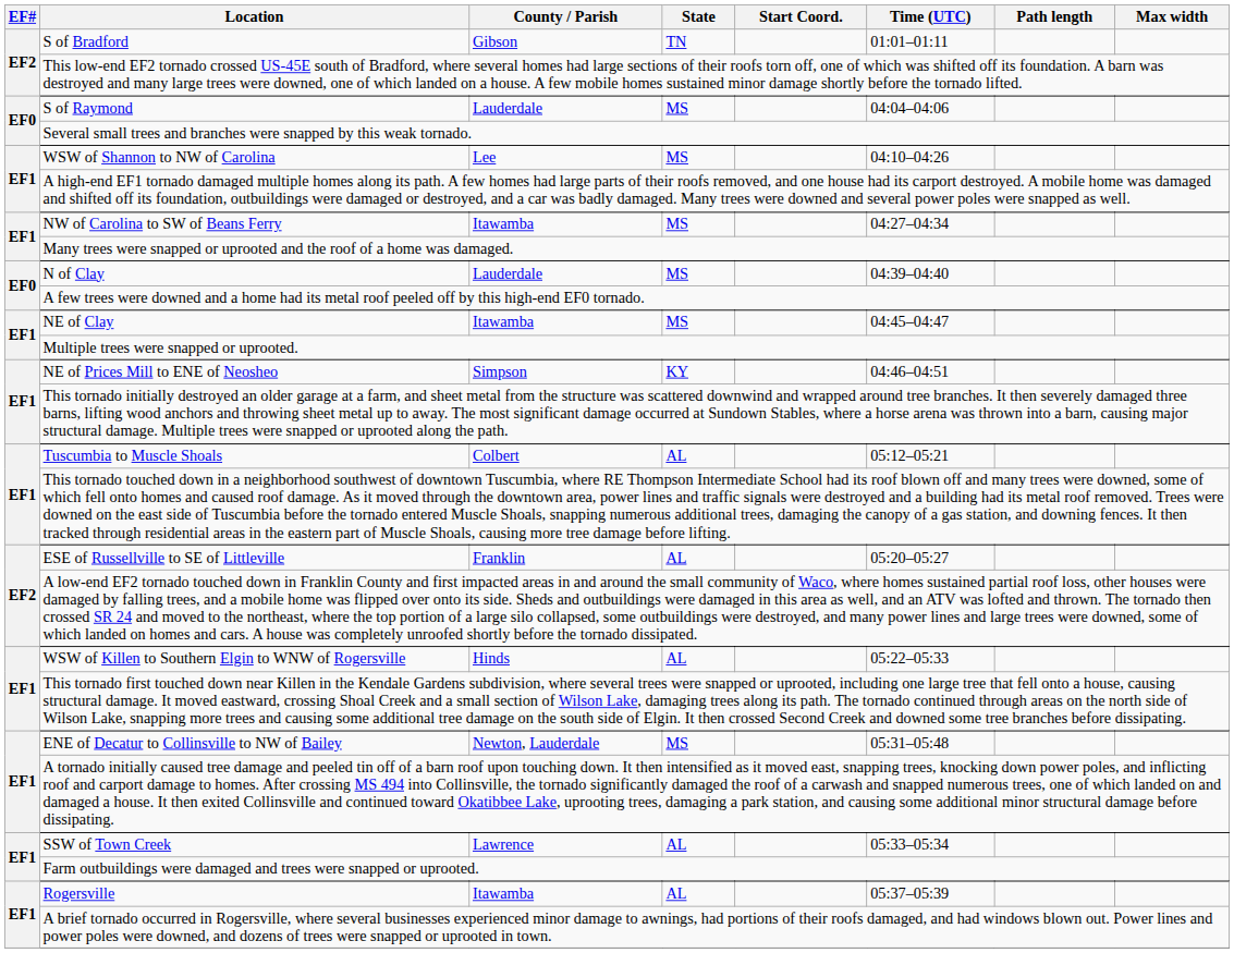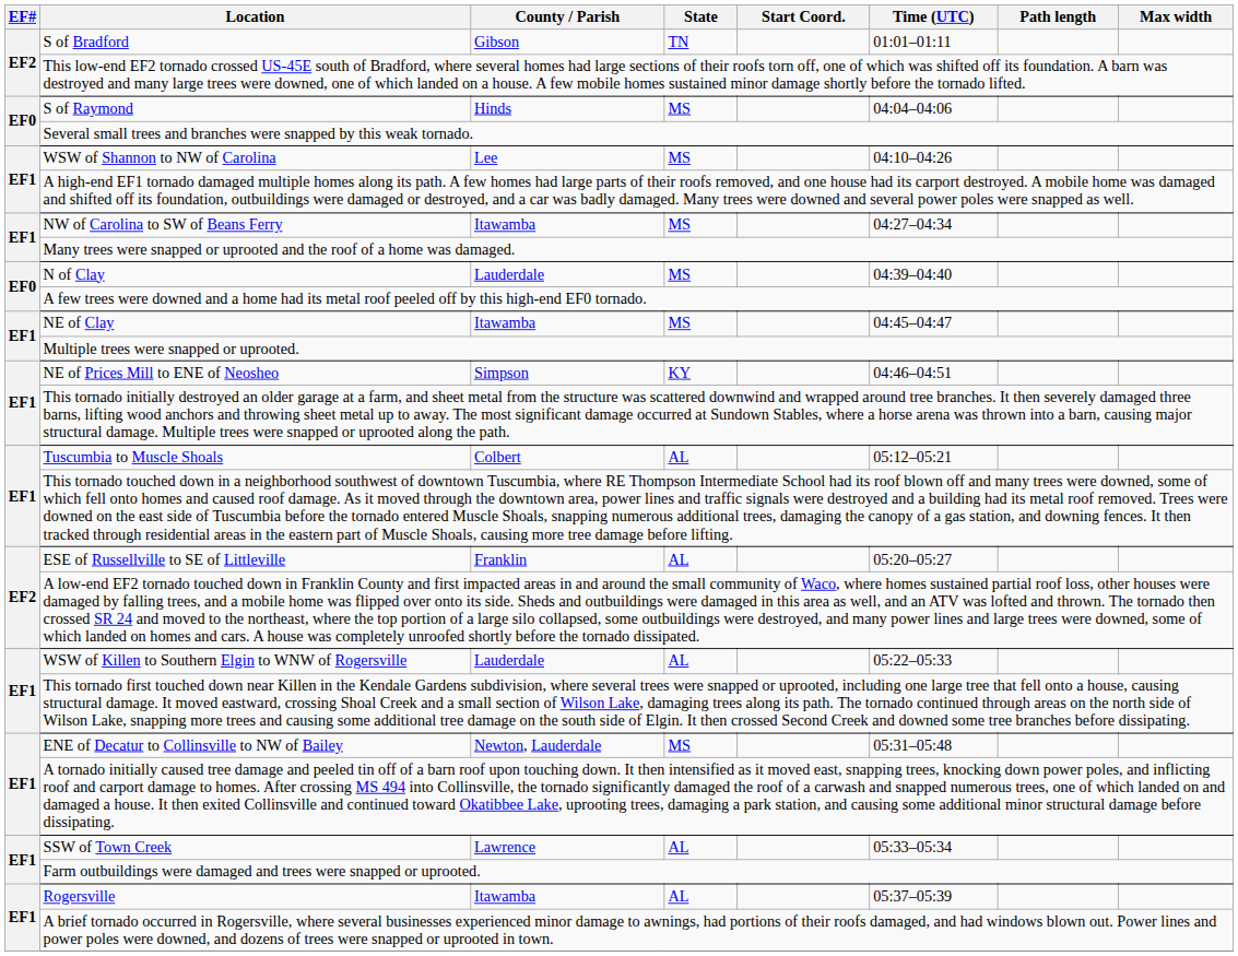 <table class="wikitable sortable" style="width:100%;">
 <tr>
 <th scope="col" width="2%" align="center"><a href='#'>EF#</a></th>
 <th scope="col" align="center" class="unsortable">Location</th>
 <th scope="col" align="center" class="unsortable">County / Parish</th>
 <th scope="col" align="center">State</th>
 <th scope="col" align="center">Start Coord.</th>
 <th scope="col" align="center">Time (<a href='#'>UTC</a>)</th>
 <th scope="col" align="center">Path length</th>
 <th scope="col" align="center">Max width</th>
 </tr>
 <tr>
 <th scope="row" rowspan="2" style="background-color:#">EF2</th>
 <td>S of <a href='#'>Bradford</a></td>
 <td><a href='#'>Gibson</a></td>
 <td><a href='#'>TN</a></td>
 <td></td>
 <td>01:01–01:11</td>
 <td></td>
 <td></td>
 </tr>
 <tr class="expand-child">
 <td colspan="8" style=" border-bottom: 1px solid black;">This low-end EF2 tornado crossed <a href='#'>US-45E</a> south of Bradford, where several homes had large sections of their roofs torn off, one of which was shifted off its foundation. A barn was destroyed and many large trees were downed, one of which landed on a house. A few mobile homes sustained minor damage shortly before the tornado lifted.</td>
 </tr>
 <tr>
 <th scope="row" rowspan="2" style="background-color:#">EF0</th>
 <td>S of <a href='#'>Raymond</a></td>
-<td><a href='#'>Lauderdale</a></td>
+<td><a href='#'>Hinds</a></td>
 <td><a href='#'>MS</a></td>
 <td></td>
 <td>04:04–04:06</td>
 <td></td>
 <td></td>
 </tr>
 <tr class="expand-child">
 <td colspan="8" style=" border-bottom: 1px solid black;">Several small trees and branches were snapped by this weak tornado.</td>
 </tr>
 <tr>
 <th scope="row" rowspan="2" style="background-color:#">EF1</th>
 <td>WSW of <a href='#'>Shannon</a> to NW of <a href='#'>Carolina</a></td>
 <td><a href='#'>Lee</a></td>
 <td><a href='#'>MS</a></td>
 <td></td>
 <td>04:10–04:26</td>
 <td></td>
 <td></td>
 </tr>
 <tr class="expand-child">
 <td colspan="8" style=" border-bottom: 1px solid black;">A high-end EF1 tornado damaged multiple homes along its path. A few homes had large parts of their roofs removed, and one house had its carport destroyed. A mobile home was damaged and shifted off its foundation, outbuildings were damaged or destroyed, and a car was badly damaged. Many trees were downed and several power poles were snapped as well.</td>
 </tr>
 <tr>
 <th scope="row" rowspan="2" style="background-color:#">EF1</th>
 <td>NW of <a href='#'>Carolina</a> to SW of <a href='#'>Beans Ferry</a></td>
 <td><a href='#'>Itawamba</a></td>
 <td><a href='#'>MS</a></td>
 <td></td>
 <td>04:27–04:34</td>
 <td></td>
 <td></td>
 </tr>
 <tr class="expand-child">
 <td colspan="8" style=" border-bottom: 1px solid black;">Many trees were snapped or uprooted and the roof of a home was damaged.</td>
 </tr>
 <tr>
 <th scope="row" rowspan="2" style="background-color:#">EF0</th>
 <td>N of <a href='#'>Clay</a></td>
 <td><a href='#'>Lauderdale</a></td>
 <td><a href='#'>MS</a></td>
 <td></td>
 <td>04:39–04:40</td>
 <td></td>
 <td></td>
 </tr>
 <tr class="expand-child">
 <td colspan="8" style=" border-bottom: 1px solid black;">A few trees were downed and a home had its metal roof peeled off by this high-end EF0 tornado.</td>
 </tr>
 <tr>
 <th scope="row" rowspan="2" style="background-color:#">EF1</th>
 <td>NE of <a href='#'>Clay</a></td>
 <td><a href='#'>Itawamba</a></td>
 <td><a href='#'>MS</a></td>
 <td></td>
 <td>04:45–04:47</td>
 <td></td>
 <td></td>
 </tr>
 <tr class="expand-child">
 <td colspan="8" style=" border-bottom: 1px solid black;">Multiple trees were snapped or uprooted.</td>
 </tr>
 <tr>
 <th scope="row" rowspan="2" style="background-color:#">EF1</th>
 <td>NE of <a href='#'>Prices Mill</a> to ENE of <a href='#'>Neosheo</a></td>
 <td><a href='#'>Simpson</a></td>
 <td><a href='#'>KY</a></td>
 <td></td>
 <td>04:46–04:51</td>
 <td></td>
 <td></td>
 </tr>
 <tr class="expand-child">
 <td colspan="8" style=" border-bottom: 1px solid black;">This tornado initially destroyed an older garage at a farm, and sheet metal from the structure was scattered downwind and wrapped around tree branches. It then severely damaged three barns, lifting wood anchors and throwing sheet metal up to  away. The most significant damage occurred at Sundown Stables, where a horse arena was thrown into a barn, causing major structural damage. Multiple trees were snapped or uprooted along the path.</td>
 </tr>
 <tr>
 <th scope="row" rowspan="2" style="background-color:#">EF1</th>
 <td><a href='#'>Tuscumbia</a> to <a href='#'>Muscle Shoals</a></td>
 <td><a href='#'>Colbert</a></td>
 <td><a href='#'>AL</a></td>
 <td></td>
 <td>05:12–05:21</td>
 <td></td>
 <td></td>
 </tr>
 <tr class="expand-child">
 <td colspan="8" style=" border-bottom: 1px solid black;">This tornado touched down in a neighborhood southwest of downtown Tuscumbia, where RE Thompson Intermediate School had its roof blown off and many trees were downed, some of which fell onto homes and caused roof damage. As it moved through the downtown area, power lines and traffic signals were destroyed and a building had its metal roof removed. Trees were downed on the east side of Tuscumbia before the tornado entered Muscle Shoals, snapping numerous additional trees, damaging the canopy of a gas station, and downing fences. It then tracked through residential areas in the eastern part of Muscle Shoals, causing more tree damage before lifting.</td>
 </tr>
 <tr>
 <th scope="row" rowspan="2" style="background-color:#">EF2</th>
 <td>ESE of <a href='#'>Russellville</a> to SE of <a href='#'>Littleville</a></td>
 <td><a href='#'>Franklin</a></td>
 <td><a href='#'>AL</a></td>
 <td></td>
 <td>05:20–05:27</td>
 <td></td>
 <td></td>
 </tr>
 <tr class="expand-child">
 <td colspan="8" style=" border-bottom: 1px solid black;">A low-end EF2 tornado touched down in Franklin County and first impacted areas in and around the small community of <a href='#'>Waco</a>, where homes sustained partial roof loss, other houses were damaged by falling trees, and a mobile home was flipped over onto its side. Sheds and outbuildings were damaged in this area as well, and an ATV was lofted and thrown. The tornado then crossed <a href='#'>SR 24</a> and moved to the northeast, where the top portion of a large silo collapsed, some outbuildings were destroyed, and many power lines and large trees were downed, some of which landed on homes and cars. A house was completely unroofed shortly before the tornado dissipated.</td>
 </tr>
 <tr>
 <th scope="row" rowspan="2" style="background-color:#">EF1</th>
 <td>WSW of <a href='#'>Killen</a> to Southern <a href='#'>Elgin</a> to WNW of <a href='#'>Rogersville</a></td>
-<td><a href='#'>Hinds</a></td>
+<td><a href='#'>Lauderdale</a></td>
 <td><a href='#'>AL</a></td>
 <td></td>
 <td>05:22–05:33</td>
 <td></td>
 <td></td>
 </tr>
 <tr class="expand-child">
 <td colspan="8" style=" border-bottom: 1px solid black;">This tornado first touched down near Killen in the Kendale Gardens subdivision, where several trees were snapped or uprooted, including one large tree that fell onto a house, causing structural damage. It moved eastward, crossing Shoal Creek and a small section of <a href='#'>Wilson Lake</a>, damaging trees along its path. The tornado continued through areas on the north side of Wilson Lake, snapping more trees and causing some additional tree damage on the south side of Elgin. It then crossed Second Creek and downed some tree branches before dissipating.</td>
 </tr>
 <tr>
 <th scope="row" rowspan="2" style="background-color:#">EF1</th>
 <td>ENE of <a href='#'>Decatur</a> to <a href='#'>Collinsville</a> to NW of <a href='#'>Bailey</a></td>
 <td><a href='#'>Newton</a>, <a href='#'>Lauderdale</a></td>
 <td><a href='#'>MS</a></td>
 <td></td>
 <td>05:31–05:48</td>
 <td></td>
 <td></td>
 </tr>
 <tr class="expand-child">
 <td colspan="8" style=" border-bottom: 1px solid black;">A tornado initially caused tree damage and peeled tin off of a barn roof upon touching down. It then intensified as it moved east, snapping trees, knocking down power poles, and inflicting roof and carport damage to homes. After crossing <a href='#'>MS 494</a> into Collinsville, the tornado significantly damaged the roof of a carwash and snapped numerous trees, one of which landed on and damaged a house. It then exited Collinsville and continued toward <a href='#'>Okatibbee Lake</a>, uprooting trees, damaging a park station, and causing some additional minor structural damage before dissipating.</td>
 </tr>
 <tr>
 <th scope="row" rowspan="2" style="background-color:#">EF1</th>
 <td>SSW of <a href='#'>Town Creek</a></td>
 <td><a href='#'>Lawrence</a></td>
 <td><a href='#'>AL</a></td>
 <td></td>
 <td>05:33–05:34</td>
 <td></td>
 <td></td>
 </tr>
 <tr class="expand-child">
 <td colspan="8" style=" border-bottom: 1px solid black;">Farm outbuildings were damaged and trees were snapped or uprooted.</td>
 </tr>
 <tr>
 <th scope="row" rowspan="2" style="background-color:#">EF1</th>
 <td><a href='#'>Rogersville</a></td>
 <td><a href='#'>Itawamba</a></td>
 <td><a href='#'>AL</a></td>
 <td></td>
 <td>05:37–05:39</td>
 <td></td>
 <td></td>
 </tr>
 <tr class="expand-child">
 <td colspan="8" style=" border-bottom: 1px solid black;">A brief tornado occurred in Rogersville, where several businesses experienced minor damage to awnings, had portions of their roofs damaged, and had windows blown out. Power lines and power poles were downed, and dozens of trees were snapped or uprooted in town.</td>
 </tr>
 <tr>
 </tr>
 </table>
